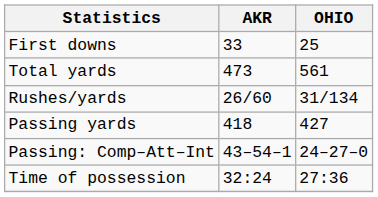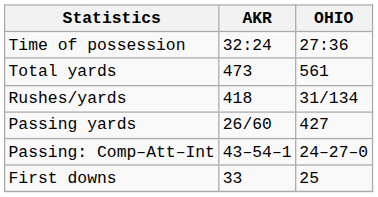 <table class="wikitable" style="float: left;">
 <tr>
 <th>Statistics</th>
 <th>AKR</th>
 <th>OHIO</th>
 </tr>
 <tr>
-<td>First downs</td>
-<td>33</td>
-<td>25</td>
+<td>Time of possession</td>
+<td>32:24</td>
+<td>27:36</td>
 </tr>
 <tr>
 <td>Total yards</td>
 <td>473</td>
 <td>561</td>
 </tr>
 <tr>
 <td>Rushes/yards</td>
-<td>26/60</td>
+<td>418</td>
 <td>31/134</td>
 </tr>
 <tr>
 <td>Passing yards</td>
-<td>418</td>
+<td>26/60</td>
 <td>427</td>
 </tr>
 <tr>
 <td>Passing: Comp–Att–Int</td>
 <td>43–54–1</td>
 <td>24–27–0</td>
 </tr>
 <tr>
-<td>Time of possession</td>
-<td>32:24</td>
-<td>27:36</td>
+<td>First downs</td>
+<td>33</td>
+<td>25</td>
 </tr>
 <tr>
 </tr>
 </table>
